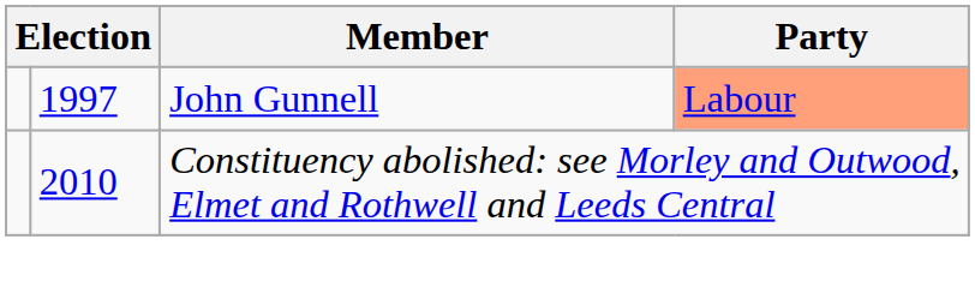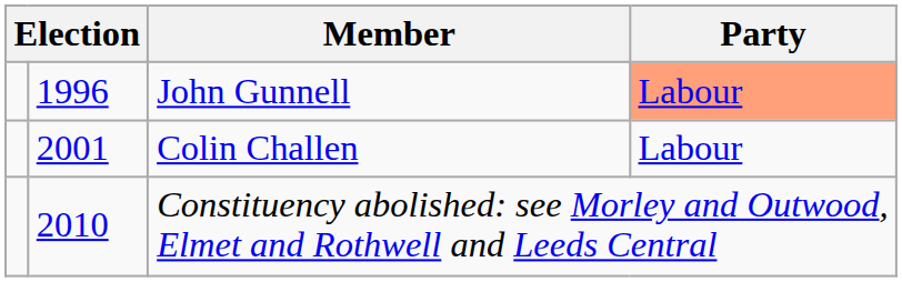 <table class="wikitable">
 <tr>
 <th colspan="2">Election</th>
 <th>Member </th>
 <th>Party</th>
 </tr>
 <tr>
 <td style="color:inherit;background-color: "></td>
-<td><a href='#'>1997</a></td>
+<td><a href='#'>1996</a></td>
 <td><a href='#'>John Gunnell</a></td>
 <td style="background: lightsalmon;"><a href='#'>Labour</a></td>
+</tr>
+<tr>
+<td style="color:inherit;background-color: "></td>
+<td><a href='#'>2001</a></td>
+<td><a href='#'>Colin Challen</a></td>
+<td><a href='#'>Labour</a></td>
 </tr>
 <tr>
 <td></td>
 <td><a href='#'>2010</a></td>
 <td colspan="2"><em>Constituency abolished: see <a href='#'>Morley and Outwood</a>,<br><a href='#'>Elmet and Rothwell</a> and <a href='#'>Leeds Central</a></em></td>
 </tr>
 </table>
